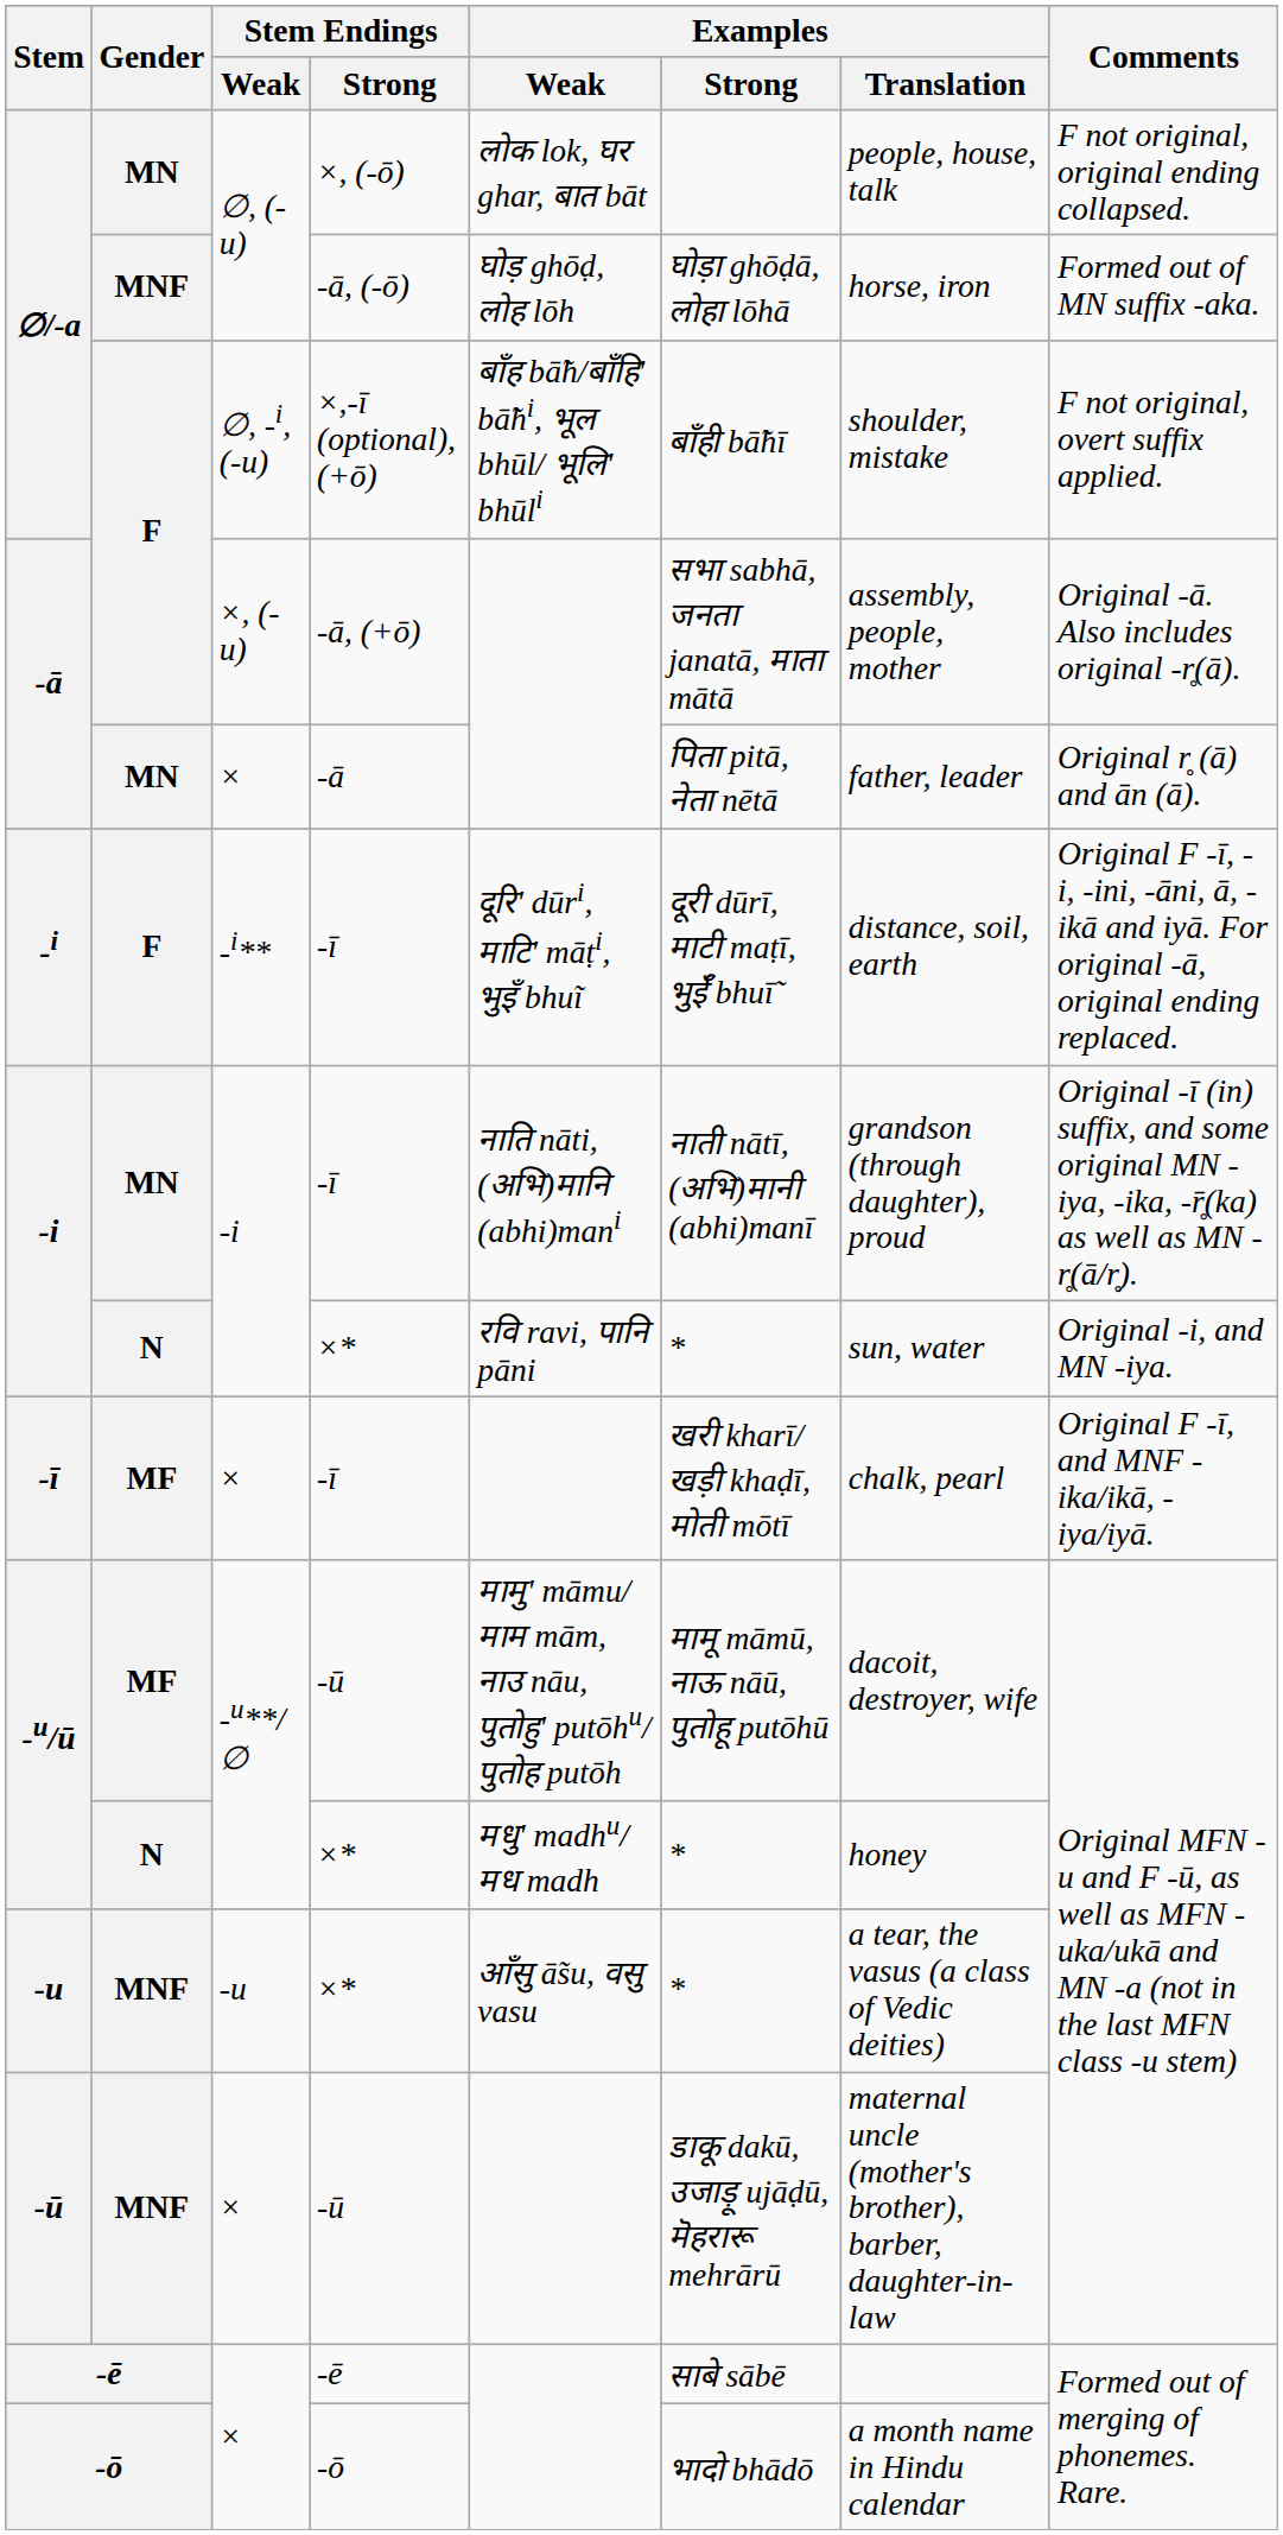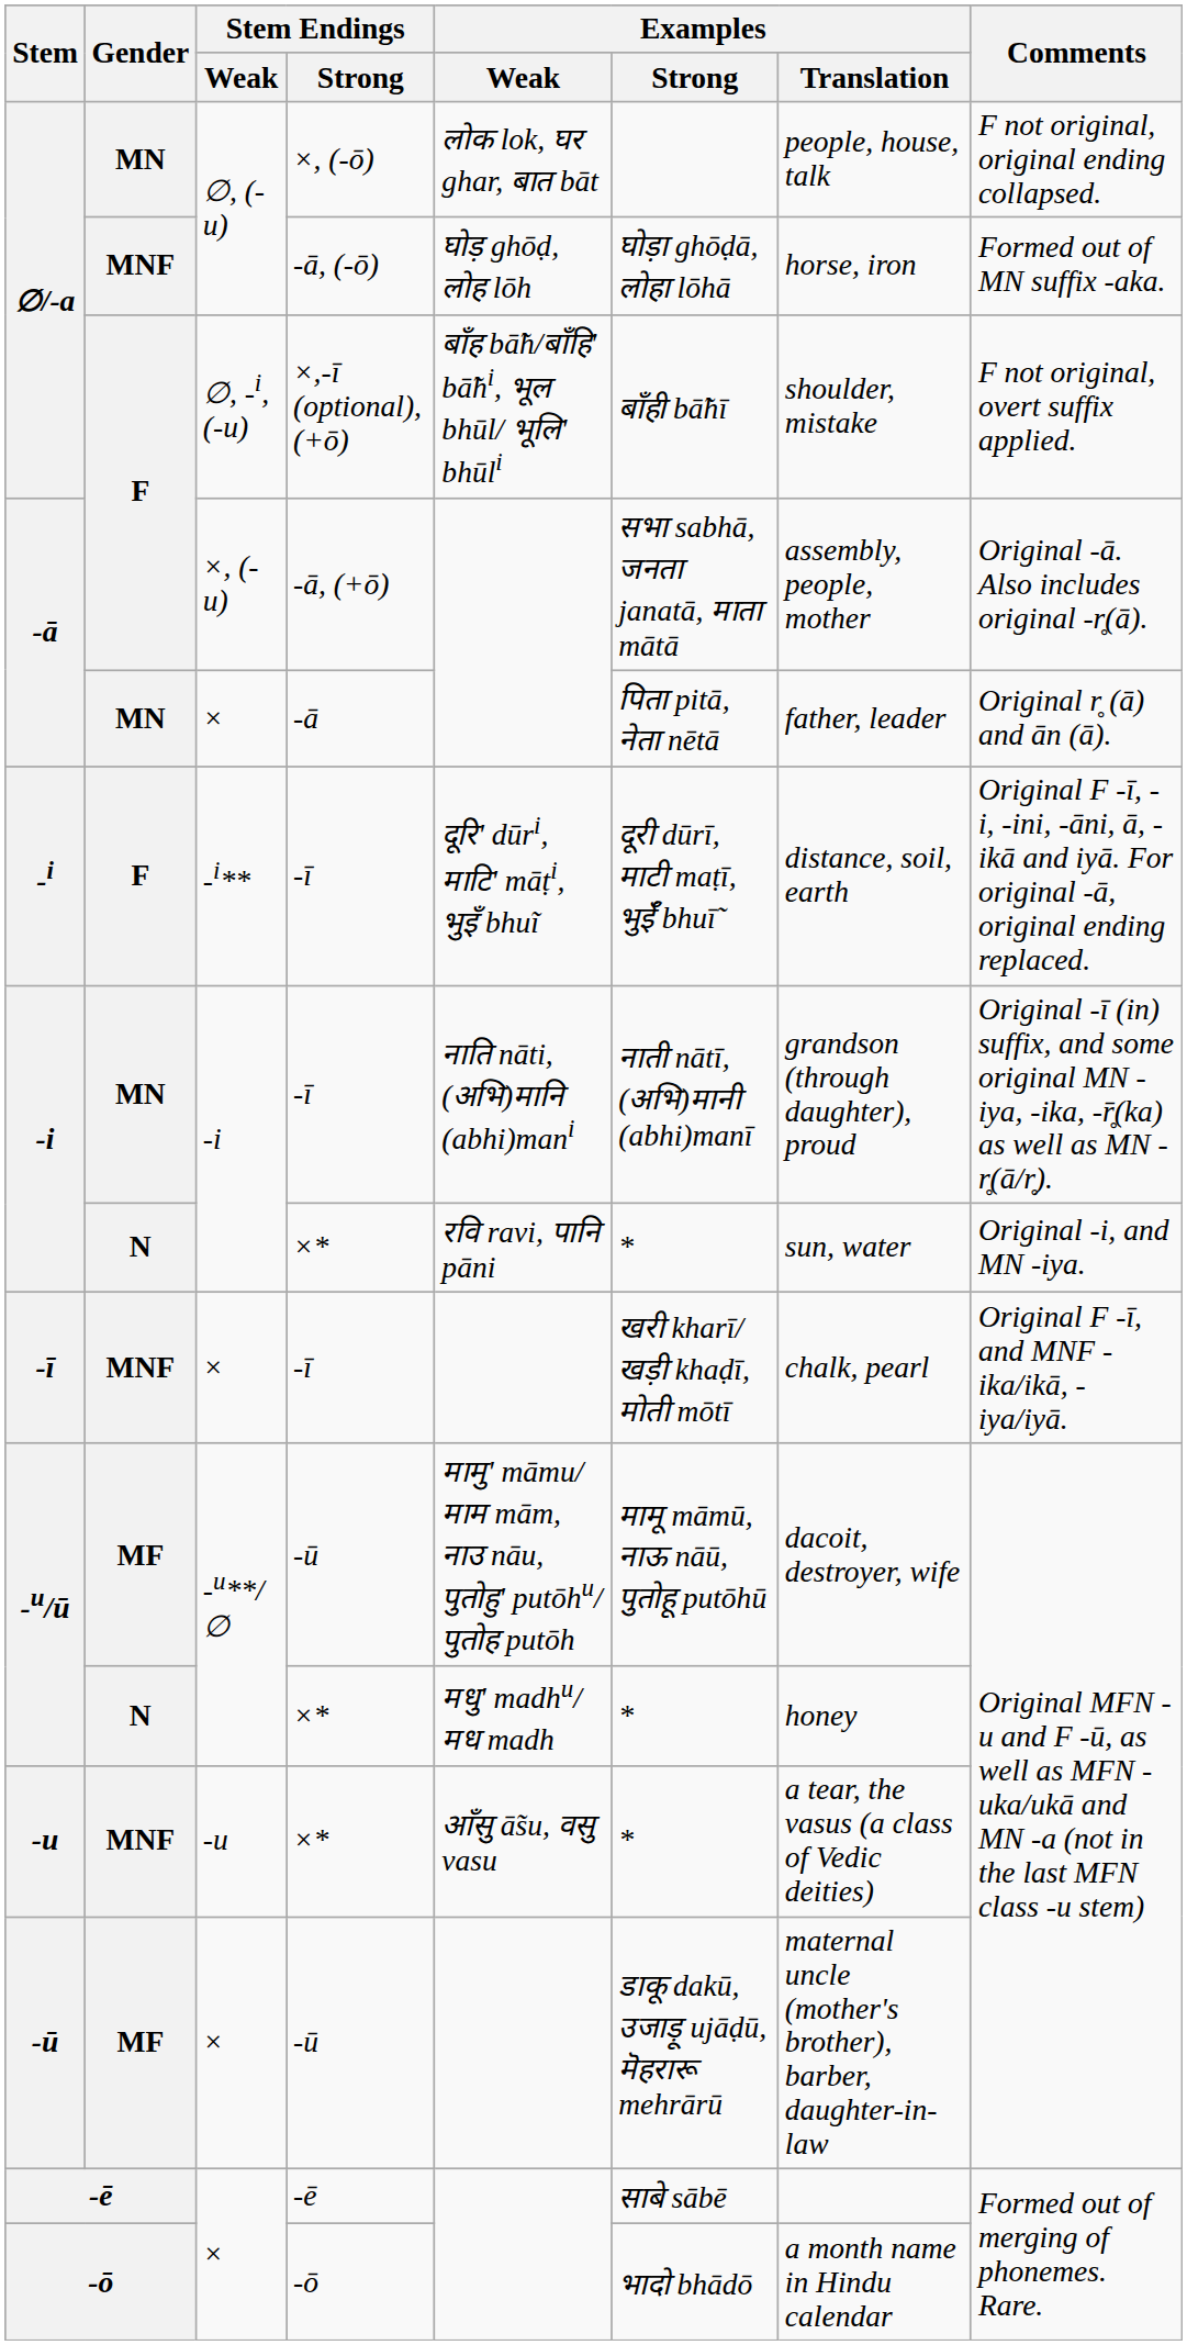 <table class="wikitable" style="margin: 1em auto 1em auto;">
 <tr>
 <th rowspan="2">Stem</th>
 <th rowspan="2">Gender</th>
 <th colspan="2">Stem Endings</th>
 <th colspan="3">Examples</th>
 <th rowspan="2">Comments </th>
 </tr>
 <tr>
 <th>Weak</th>
 <th>Strong</th>
 <th>Weak</th>
 <th>Strong</th>
 <th>Translation</th>
 </tr>
 <tr>
 <th rowspan="3"><em>∅/-a</em></th>
 <th>MN</th>
 <td rowspan="2"><em>∅, (-u)</em></td>
 <td><em>×, (-ō)</em></td>
 <td><em>लोक lok, घर ghar, बात bāt</em></td>
 <td></td>
 <td><em>people, house, talk</em></td>
 <td><em>F not original, original ending collapsed.</em></td>
 </tr>
 <tr>
 <th>MNF</th>
 <td><em>-ā, (-ō)</em></td>
 <td><em>घोड़ ghōḍ, लोह lōh</em></td>
 <td><em>घोड़ा ghōḍā, लोहा lōhā</em></td>
 <td><em>horse, iron</em></td>
 <td><em>Formed out of MN suffix -aka.</em></td>
 </tr>
 <tr>
 <th rowspan="2">F</th>
 <td><em>∅, -<sup>i</sup>, (-u)</em></td>
 <td><em>×,-ī (optional), (+ō)</em></td>
 <td><em>बाँह bā̃h/बाँहि' bā̃h<sup>i</sup>, भूल bhūl/‌ भूलि' bhūl<sup>i</sup></em></td>
 <td><em>बाँही bā̃hī</em></td>
 <td><em>shoulder, mistake</em></td>
 <td><em>F not original, overt suffix applied.</em></td>
 </tr>
 <tr>
 <th rowspan="2"><em>-ā</em></th>
 <td><em>×, (-u)</em></td>
 <td><em>-ā, (+ō)</em></td>
 <td rowspan="2"></td>
 <td><em>सभा sabhā,   जनता janatā, माता mātā</em></td>
 <td><em>assembly, people, mother</em></td>
 <td><em>Original -ā. Also includes original -r̥(ā).</em></td>
 </tr>
 <tr>
 <th>MN</th>
 <td><em>×</em></td>
 <td><em>-ā</em></td>
 <td><em>पिता pitā, नेता nētā</em></td>
 <td><em>father, leader</em></td>
 <td><em>Original r̥ (ā) and ān (ā).</em></td>
 </tr>
 <tr>
 <th><em>-<sup>i</sup></em></th>
 <th>F</th>
 <td><em>-<sup>i</sup>**</em></td>
 <td><em>-ī</em></td>
 <td><em>दूरि' dūr<sup>i</sup>, माटि' māṭ<sup>i</sup>, भुइँ bhuĩ</em></td>
 <td><em>दूरी dūrī, माटी maṭī, भुईँ bhuī̃</em></td>
 <td><em>distance, soil, earth</em></td>
 <td><em>Original F -ī,  -i, -ini, -āni, ā, -ikā and iyā. For original -ā, original ending replaced.</em></td>
 </tr>
 <tr>
 <th rowspan="2"><em>-i</em></th>
 <th>MN</th>
 <td rowspan="2"><em>-i</em></td>
 <td><em>-ī</em></td>
 <td><em>नाति nāti, (अभि)मानि (abhi)man<sup>i</sup></em></td>
 <td><em>नाती nātī, (अभि)मानी (abhi)manī</em></td>
 <td><em>grandson (through daughter), proud</em></td>
 <td><em>Original -ī (in) suffix, and some original MN -iya, -ika, -r̥̄(ka) as well as MN -r̥(ā/r̥).</em></td>
 </tr>
 <tr>
 <th>N</th>
 <td><em>×*</em></td>
 <td><em>रवि ravi, पानि pāni</em></td>
 <td><em>*</em></td>
 <td><em>sun, water</em></td>
 <td><em>Original -i, and MN -iya.</em></td>
 </tr>
 <tr>
 <th><em>-ī</em></th>
-<th>MF</th>
+<th>MNF</th>
 <td><em>×</em></td>
 <td><em>-ī</em></td>
 <td></td>
 <td><em>खरी kharī/खड़ी khaḍī, मोती mōtī</em></td>
 <td><em>chalk, pearl</em></td>
 <td><em>Original F -ī, and MNF -ika/ikā, -iya/iyā.</em></td>
 </tr>
 <tr>
 <th rowspan="2"><em>-<sup>u</sup>/ū</em></th>
 <th>MF</th>
 <td rowspan="2"><em>-<sup>u</sup>**/∅</em></td>
 <td><em>-ū</em></td>
 <td><em>मामु' māmu/ माम mām, नाउ nāu, पुतोहु' putōh<sup>u</sup>/ पुतोह putōh</em></td>
 <td><em>मामू māmū, नाऊ nāū, पुतोहू putōhū</em></td>
 <td><em>dacoit, destroyer, wife</em></td>
 <td rowspan="4"><em>Original MFN -u and F -ū, as well as MFN -uka/ukā and MN -a (not in the last MFN class -u stem)</em></td>
 </tr>
 <tr>
 <th>N</th>
 <td><em>×*</em></td>
 <td><em>मधु' madh<sup>u</sup>/ मध madh</em></td>
 <td><em>*</em></td>
 <td><em>honey</em></td>
 </tr>
 <tr>
 <th><em>-u</em></th>
 <th>MNF</th>
 <td><em>-u</em></td>
 <td><em>×*</em></td>
 <td><em>आँसु ā̃su, वसु vasu</em></td>
 <td><em>*</em></td>
 <td><em>a tear, the vasus (a class of Vedic deities)</em></td>
 </tr>
 <tr>
 <th><em>-ū</em></th>
-<th>MNF</th>
+<th>MF</th>
 <td><em>×</em></td>
 <td><em>-ū</em></td>
 <td></td>
 <td><em>डाकू dakū, उजाड़ू ujāḍū, मॆहरारू mehrārū</em></td>
 <td><em>maternal uncle (mother's brother), barber, daughter-in-law</em></td>
 </tr>
 <tr>
 <th colspan="2"><em>-ē</em></th>
 <td rowspan="2"><em>×</em></td>
 <td><em>-ē</em></td>
 <td rowspan="2"></td>
 <td><em>साबे sābē</em></td>
 <td></td>
 <td rowspan="2"><em>Formed out of merging of phonemes. Rare.</em></td>
 </tr>
 <tr>
 <th colspan="2"><em>-ō</em></th>
 <td><em>-ō</em></td>
 <td><em>भादो bhādō</em></td>
 <td><em>a month name in Hindu calendar</em></td>
 </tr>
 </table>
